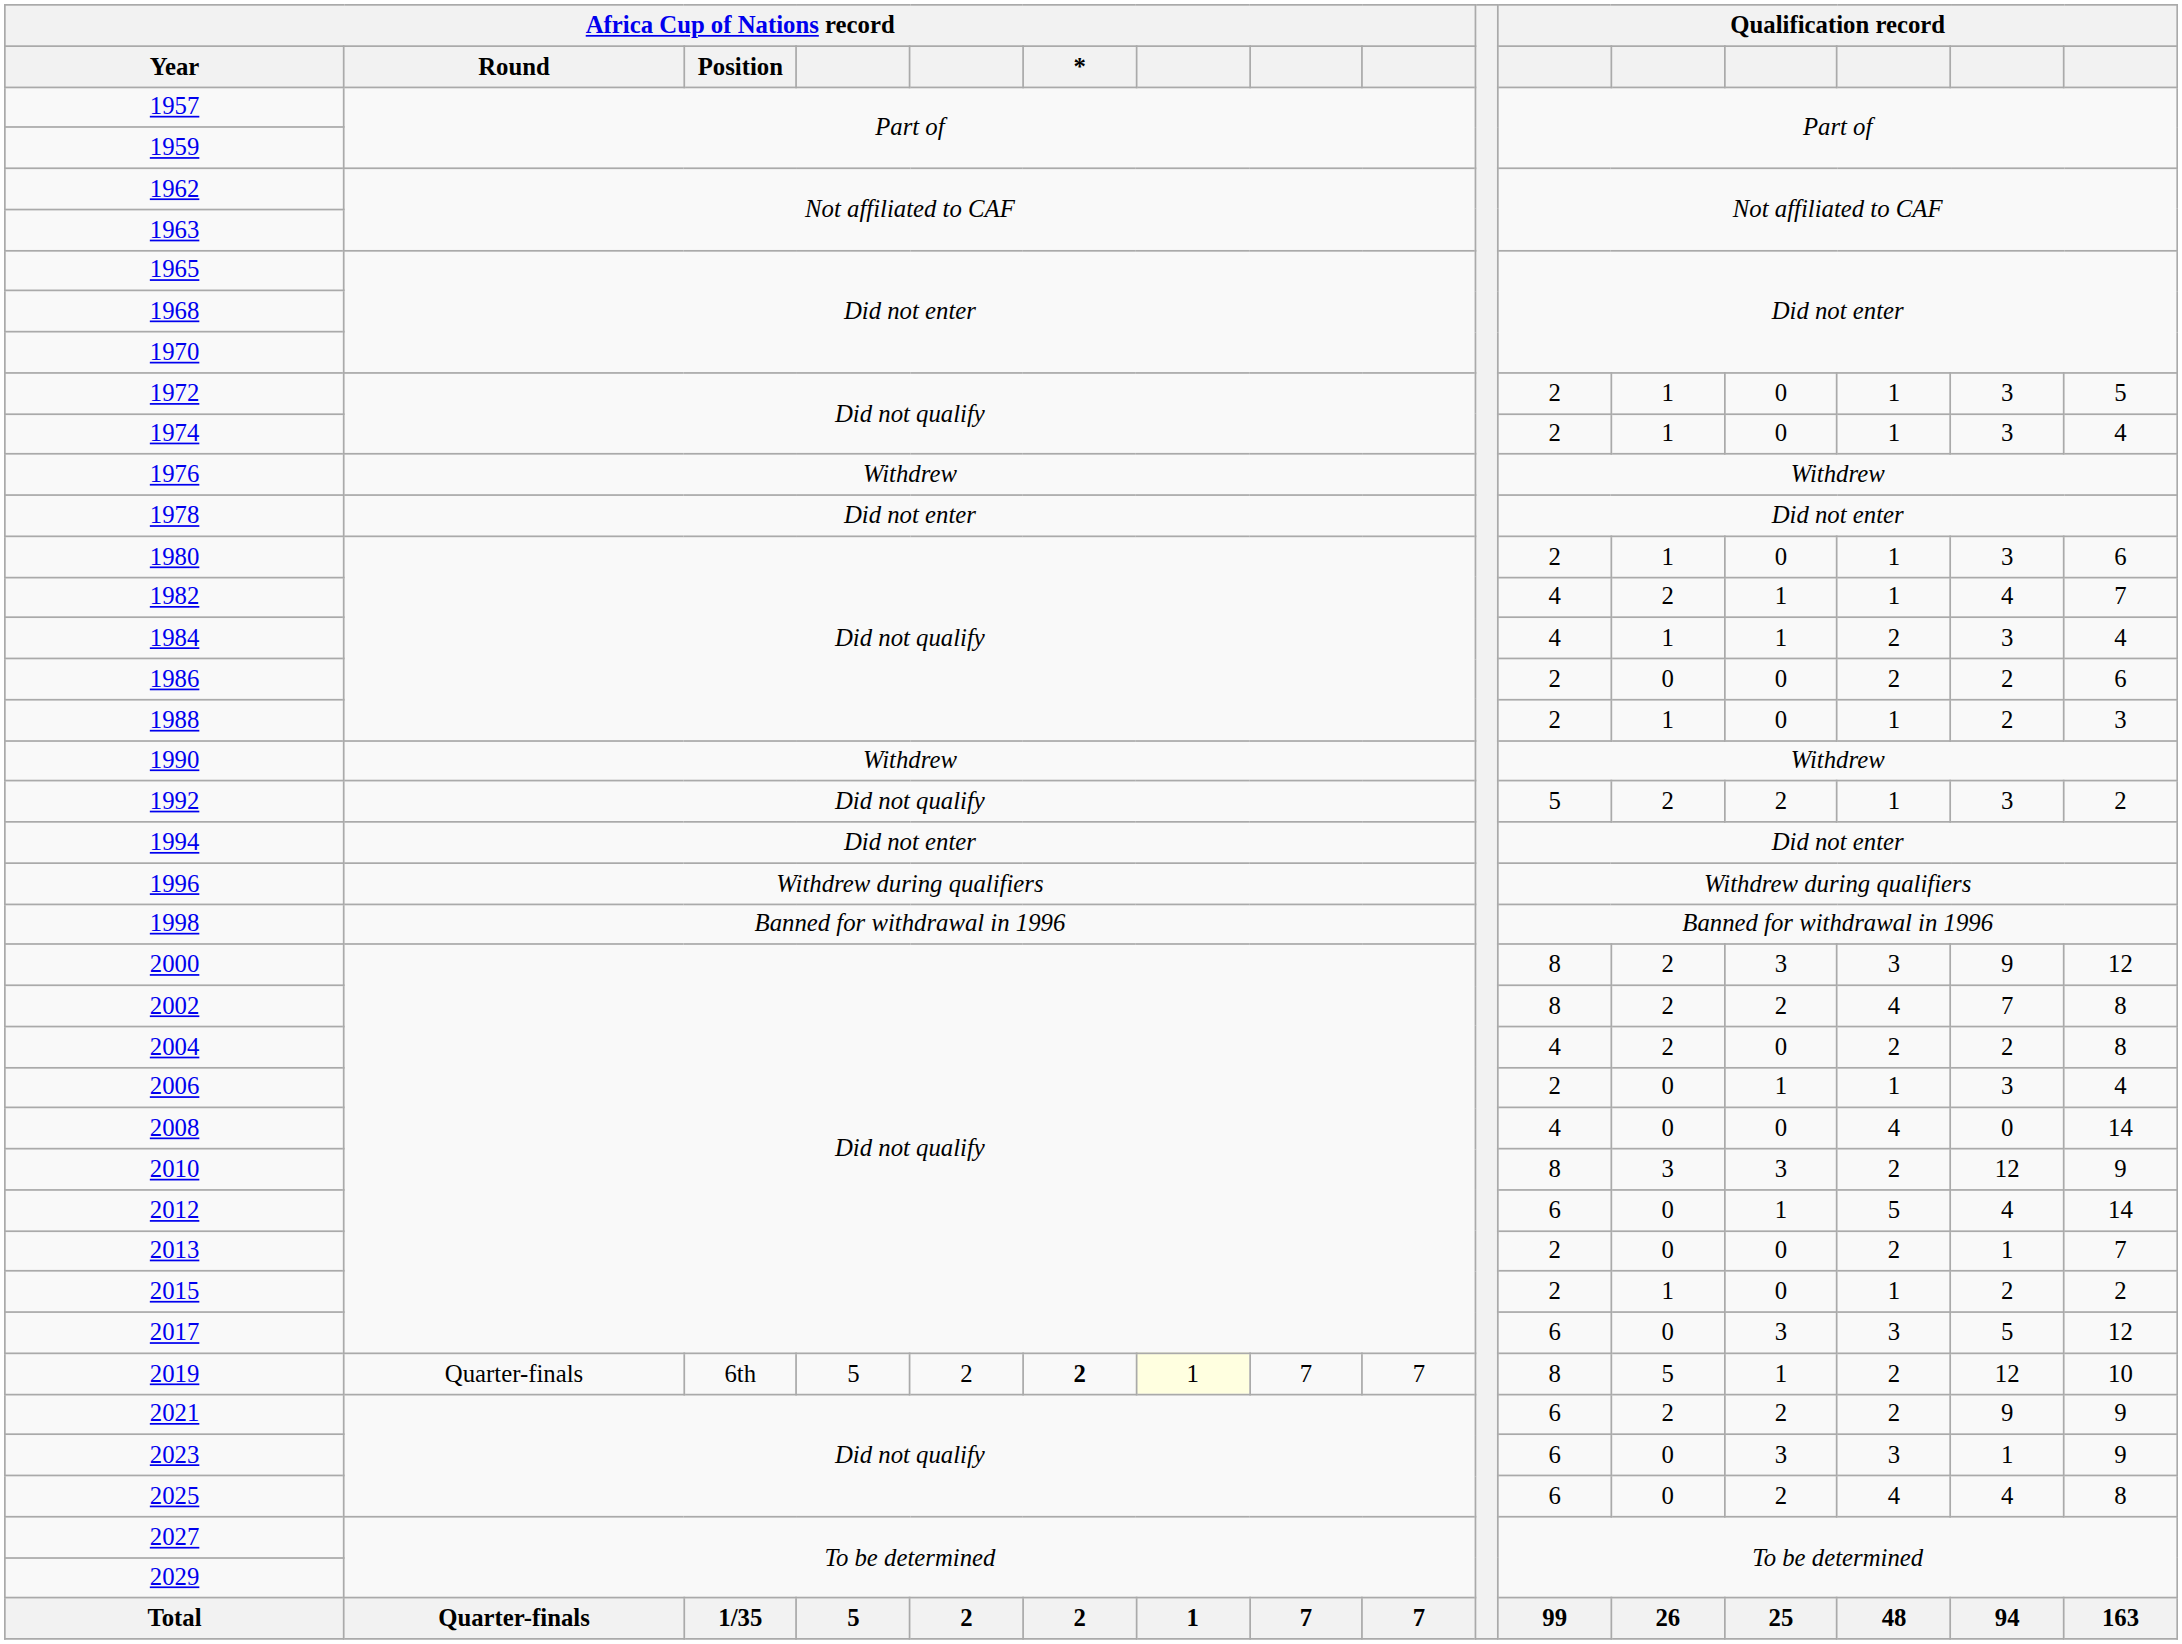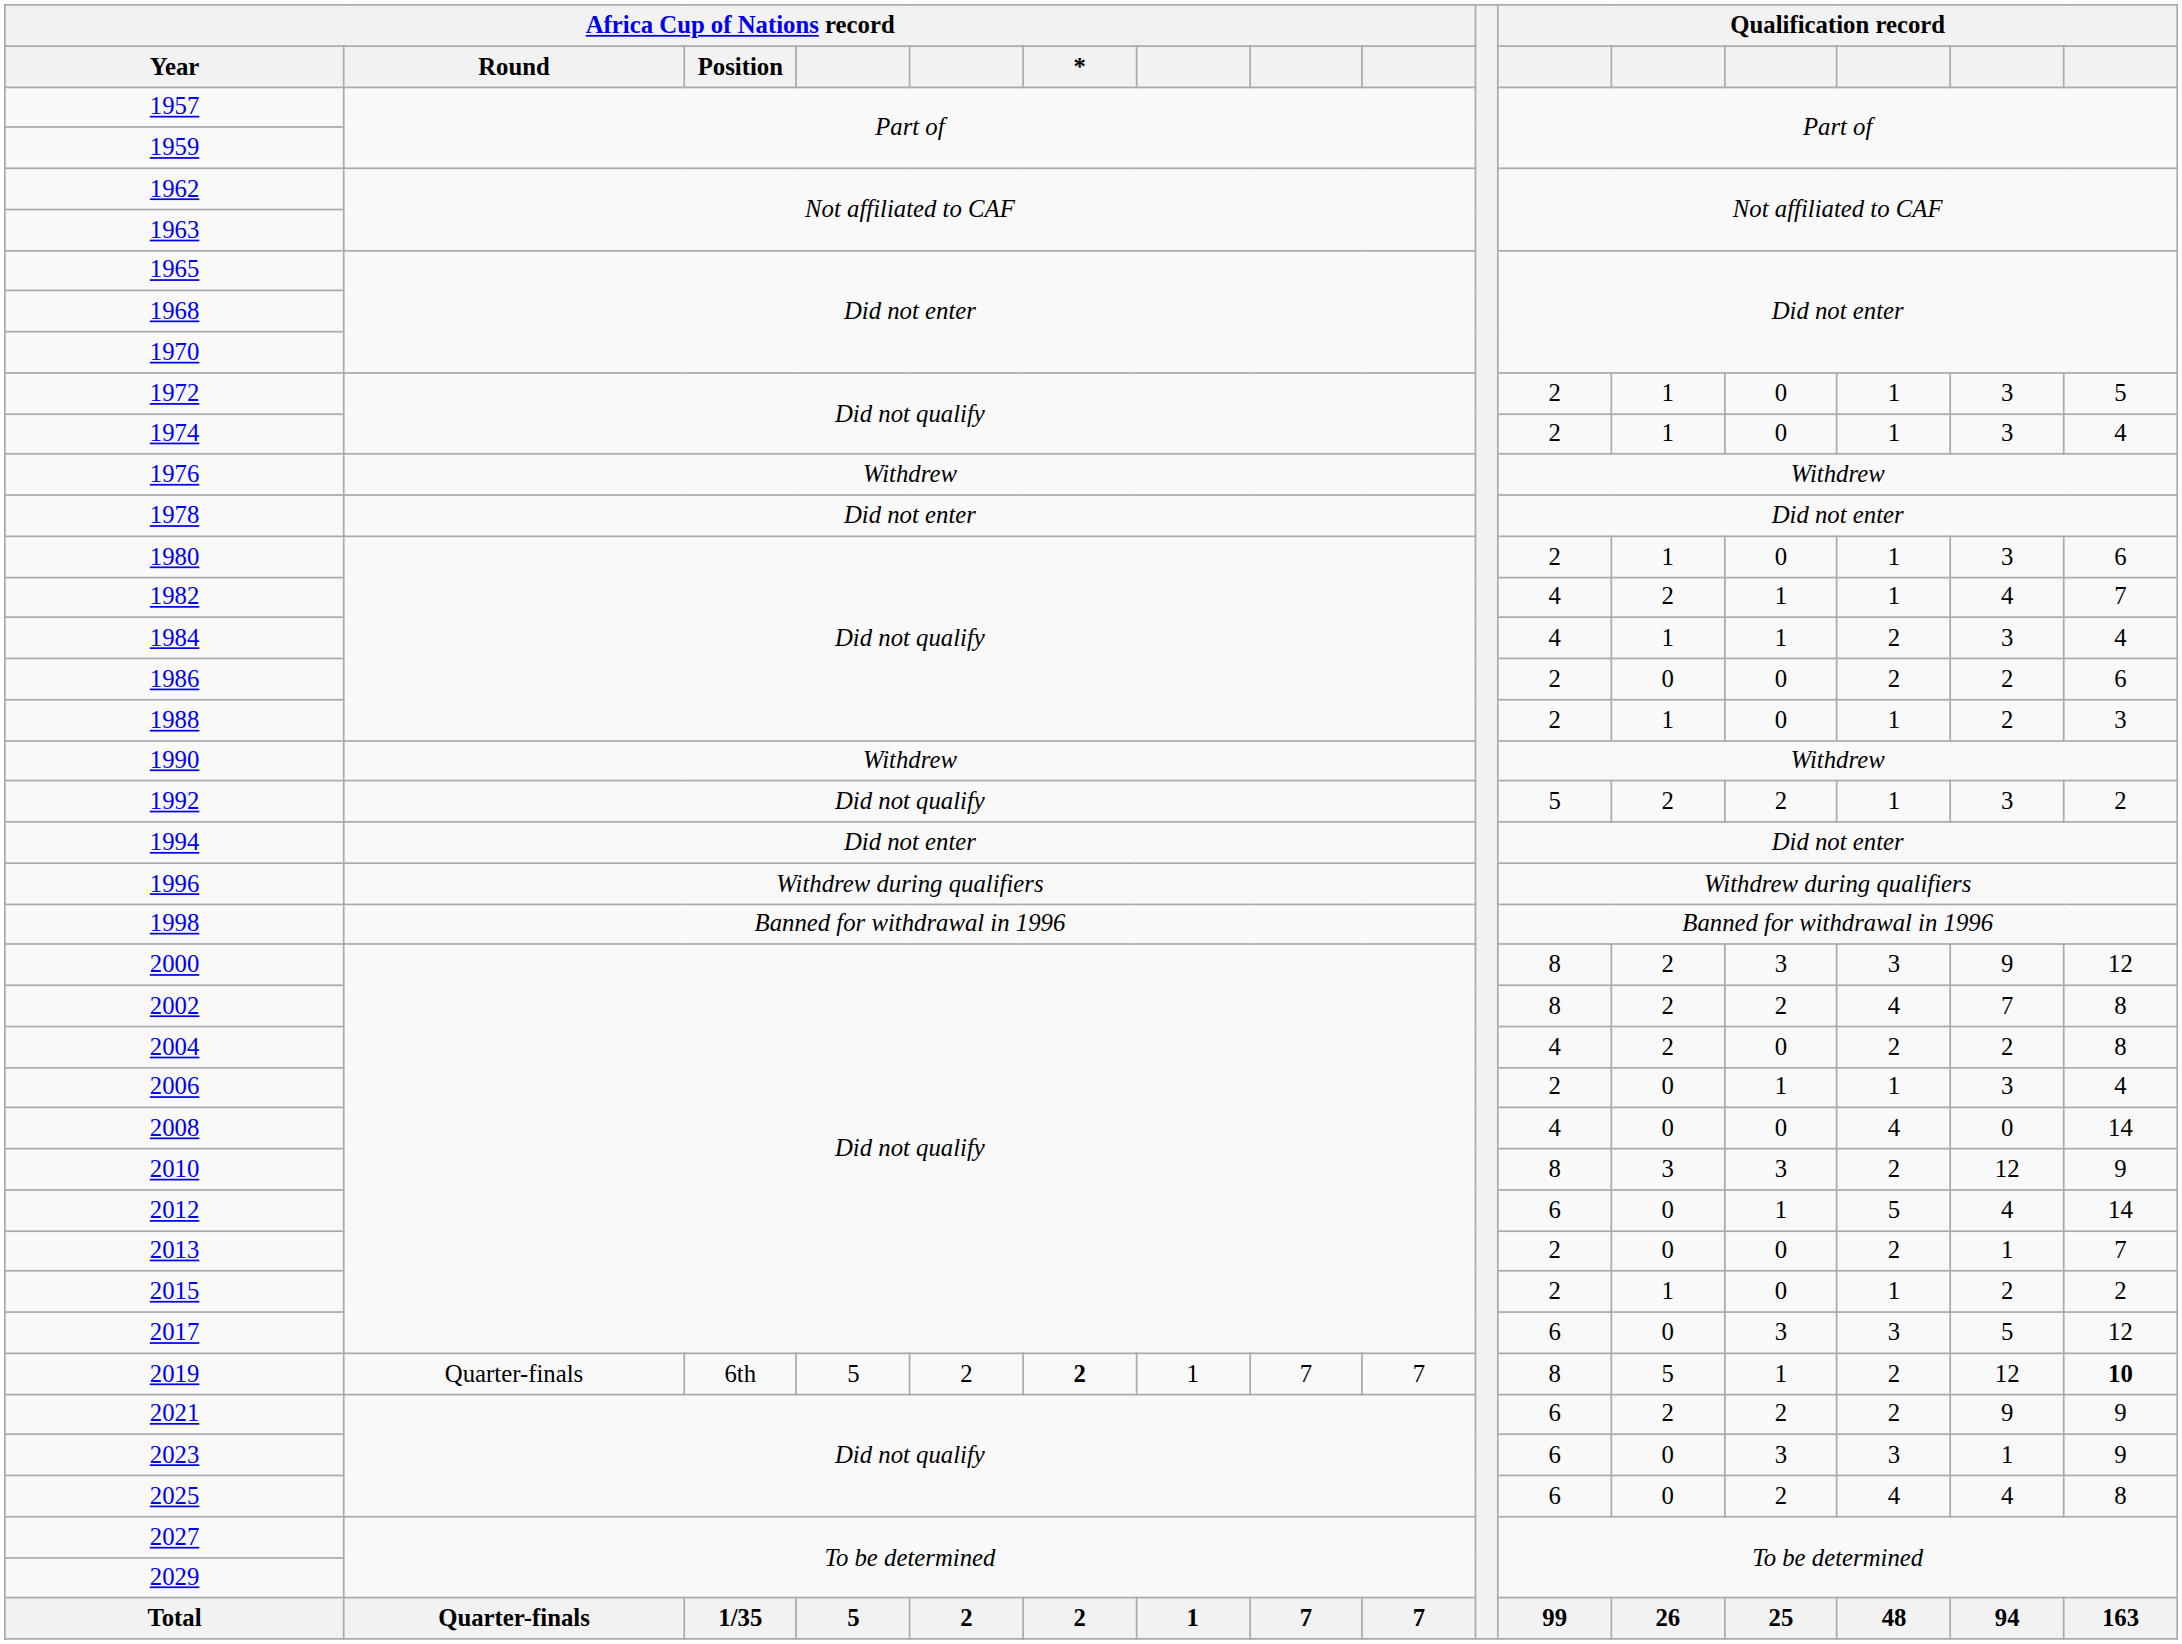 <table class="wikitable" class="wikitable" style="font-size:90%; text-align:center; width:100%">
 <tr>
 <th colspan=9><a href='#'>Africa Cup of Nations</a> record</th>
 <th rowspan="40" width="1%"></th>
 <th colspan="6">Qualification record</th>
 </tr>
 <tr>
 <th width="15%">Year</th>
 <th width="15%">Round</th>
 <th width="5%">Position</th>
 <th width="5%"></th>
 <th width="5%"></th>
 <th width="5%">*</th>
 <th width="5%"></th>
 <th width="5%"></th>
 <th width="5%"></th>
 <th width="5%"></th>
 <th width="5%"></th>
 <th width="5%"></th>
 <th width="5%"></th>
 <th width="5%"></th>
 <th width="5%"></th>
 </tr>
 <tr>
 <td> <a href='#'>1957</a></td>
 <td colspan=8 rowspan=2><em>Part of </em></td>
 <td colspan="6" rowspan="2"><em>Part of </em></td>
 </tr>
 <tr>
 <td> <a href='#'>1959</a></td>
 </tr>
 <tr>
 <td> <a href='#'>1962</a></td>
 <td rowspan=2 colspan=8><em>Not affiliated to CAF</em></td>
 <td colspan="6" rowspan="2"><em>Not affiliated to CAF</em></td>
 </tr>
 <tr>
 <td> <a href='#'>1963</a></td>
 </tr>
 <tr>
 <td> <a href='#'>1965</a></td>
 <td colspan=8 rowspan=3><em>Did not enter</em></td>
 <td colspan="6" rowspan="3"><em>Did not enter</em></td>
 </tr>
 <tr>
 <td> <a href='#'>1968</a></td>
 </tr>
 <tr>
 <td> <a href='#'>1970</a></td>
 </tr>
 <tr>
 <td> <a href='#'>1972</a></td>
 <td rowspan=2 colspan=8><em>Did not qualify</em></td>
 <td>2</td>
 <td>1</td>
 <td>0</td>
 <td>1</td>
 <td>3</td>
 <td>5</td>
 </tr>
 <tr>
 <td> <a href='#'>1974</a></td>
 <td>2</td>
 <td>1</td>
 <td>0</td>
 <td>1</td>
 <td>3</td>
 <td>4</td>
 </tr>
 <tr>
 <td> <a href='#'>1976</a></td>
 <td colspan=8><em>Withdrew</em></td>
 <td colspan="6"><em>Withdrew</em></td>
 </tr>
 <tr>
 <td> <a href='#'>1978</a></td>
 <td colspan=8><em>Did not enter</em></td>
 <td colspan="6"><em>Did not enter</em></td>
 </tr>
 <tr>
 <td> <a href='#'>1980</a></td>
 <td rowspan=5 colspan=8><em>Did not qualify</em></td>
 <td>2</td>
 <td>1</td>
 <td>0</td>
 <td>1</td>
 <td>3</td>
 <td>6</td>
 </tr>
 <tr>
 <td> <a href='#'>1982</a></td>
 <td>4</td>
 <td>2</td>
 <td>1</td>
 <td>1</td>
 <td>4</td>
 <td>7</td>
 </tr>
 <tr>
 <td> <a href='#'>1984</a></td>
 <td>4</td>
 <td>1</td>
 <td>1</td>
 <td>2</td>
 <td>3</td>
 <td>4</td>
 </tr>
 <tr>
 <td> <a href='#'>1986</a></td>
 <td>2</td>
 <td>0</td>
 <td>0</td>
 <td>2</td>
 <td>2</td>
 <td>6</td>
 </tr>
 <tr>
 <td> <a href='#'>1988</a></td>
 <td>2</td>
 <td>1</td>
 <td>0</td>
 <td>1</td>
 <td>2</td>
 <td>3</td>
 </tr>
 <tr>
 <td> <a href='#'>1990</a></td>
 <td colspan=8><em>Withdrew</em></td>
 <td colspan="6"><em>Withdrew</em></td>
 </tr>
 <tr>
 <td> <a href='#'>1992</a></td>
 <td colspan="8"><em>Did not qualify</em></td>
 <td>5</td>
 <td>2</td>
 <td>2</td>
 <td>1</td>
 <td>3</td>
 <td>2</td>
 </tr>
 <tr>
 <td> <a href='#'>1994</a></td>
 <td colspan="8"><em>Did not enter</em></td>
 <td colspan="6"><em>Did not enter</em></td>
 </tr>
 <tr>
 <td> <a href='#'>1996</a></td>
 <td colspan="8"><em>Withdrew during qualifiers</em></td>
 <td colspan="6"><em>Withdrew during qualifiers</em></td>
 </tr>
 <tr>
 <td> <a href='#'>1998</a></td>
 <td colspan="8"><em>Banned for withdrawal in 1996</em></td>
 <td colspan="6"><em>Banned for withdrawal in 1996</em></td>
 </tr>
 <tr>
 <td>  <a href='#'>2000</a></td>
 <td rowspan=10 colspan="8"><em>Did not qualify</em></td>
 <td>8</td>
 <td>2</td>
 <td>3</td>
 <td>3</td>
 <td>9</td>
 <td>12</td>
 </tr>
 <tr>
 <td> <a href='#'>2002</a></td>
 <td>8</td>
 <td>2</td>
 <td>2</td>
 <td>4</td>
 <td>7</td>
 <td>8</td>
 </tr>
 <tr>
 <td> <a href='#'>2004</a></td>
 <td>4</td>
 <td>2</td>
 <td>0</td>
 <td>2</td>
 <td>2</td>
 <td>8</td>
 </tr>
 <tr>
 <td> <a href='#'>2006</a></td>
 <td>2</td>
 <td>0</td>
 <td>1</td>
 <td>1</td>
 <td>3</td>
 <td>4</td>
 </tr>
 <tr>
 <td> <a href='#'>2008</a></td>
 <td>4</td>
 <td>0</td>
 <td>0</td>
 <td>4</td>
 <td>0</td>
 <td>14</td>
 </tr>
 <tr>
 <td> <a href='#'>2010</a></td>
 <td>8</td>
 <td>3</td>
 <td>3</td>
 <td>2</td>
 <td>12</td>
 <td>9</td>
 </tr>
 <tr>
 <td> <a href='#'>2012</a></td>
 <td>6</td>
 <td>0</td>
 <td>1</td>
 <td>5</td>
 <td>4</td>
 <td>14</td>
 </tr>
 <tr>
 <td> <a href='#'>2013</a></td>
 <td>2</td>
 <td>0</td>
 <td>0</td>
 <td>2</td>
 <td>1</td>
 <td>7</td>
 </tr>
 <tr>
 <td> <a href='#'>2015</a></td>
 <td>2</td>
 <td>1</td>
 <td>0</td>
 <td>1</td>
 <td>2</td>
 <td>2</td>
 </tr>
 <tr>
 <td> <a href='#'>2017</a></td>
 <td>6</td>
 <td>0</td>
 <td>3</td>
 <td>3</td>
 <td>5</td>
 <td>12</td>
 </tr>
 <tr>
 <td> <a href='#'>2019</a></td>
 <td>Quarter-finals</td>
 <td>6th</td>
 <td>5</td>
 <td>2</td>
 <td><strong>2</strong></td>
-<td style="background: lightyellow;">1</td>
+<td>1</td>
 <td>7</td>
 <td>7</td>
 <td>8</td>
 <td>5</td>
 <td>1</td>
 <td>2</td>
 <td>12</td>
-<td>10</td>
+<td><strong>10</strong></td>
 </tr>
 <tr>
 <td> <a href='#'>2021</a></td>
 <td rowspan="3" colspan="8"><em>Did not qualify</em></td>
 <td>6</td>
 <td>2</td>
 <td>2</td>
 <td>2</td>
 <td>9</td>
 <td>9</td>
 </tr>
 <tr>
 <td> <a href='#'>2023</a></td>
 <td>6</td>
 <td>0</td>
 <td>3</td>
 <td>3</td>
 <td>1</td>
 <td>9</td>
 </tr>
 <tr>
 <td> <a href='#'>2025</a></td>
 <td>6</td>
 <td>0</td>
 <td>2</td>
 <td>4</td>
 <td>4</td>
 <td>8</td>
 </tr>
 <tr>
 <td>   <a href='#'>2027</a></td>
 <td colspan="8" rowspan="2"><em>To be determined</em></td>
 <td colspan="6" rowspan="2"><em>To be determined</em></td>
 </tr>
 <tr>
 <td> <a href='#'>2029</a></td>
 </tr>
 <tr>
 <th>Total</th>
 <th>Quarter-finals</th>
 <th>1/35</th>
 <th>5</th>
 <th>2</th>
 <th>2</th>
 <th>1</th>
 <th>7</th>
 <th>7</th>
 <th>99</th>
 <th>26</th>
 <th>25</th>
 <th>48</th>
 <th>94</th>
 <th>163</th>
 </tr>
 </table>
